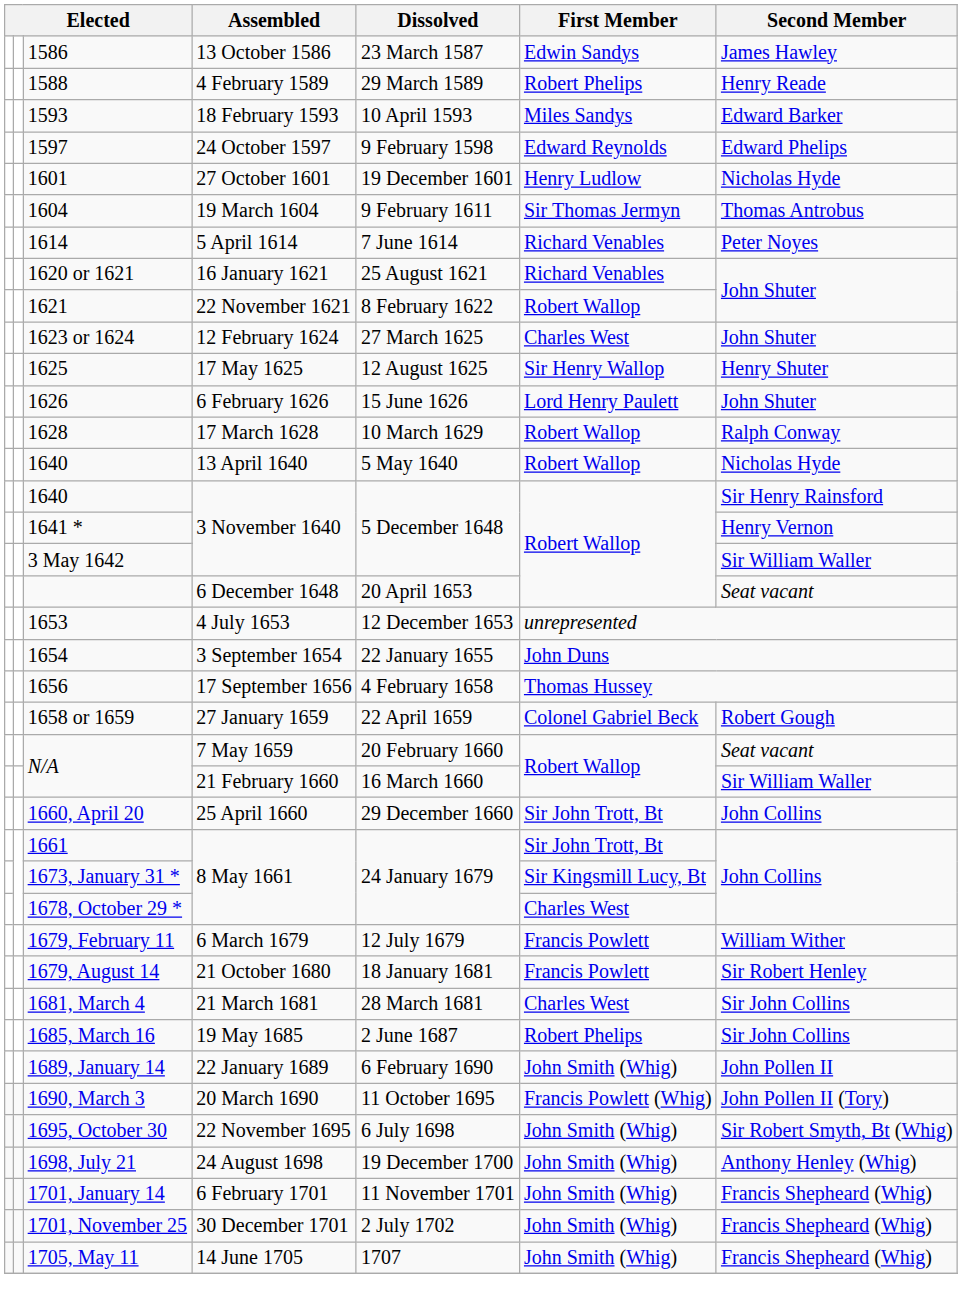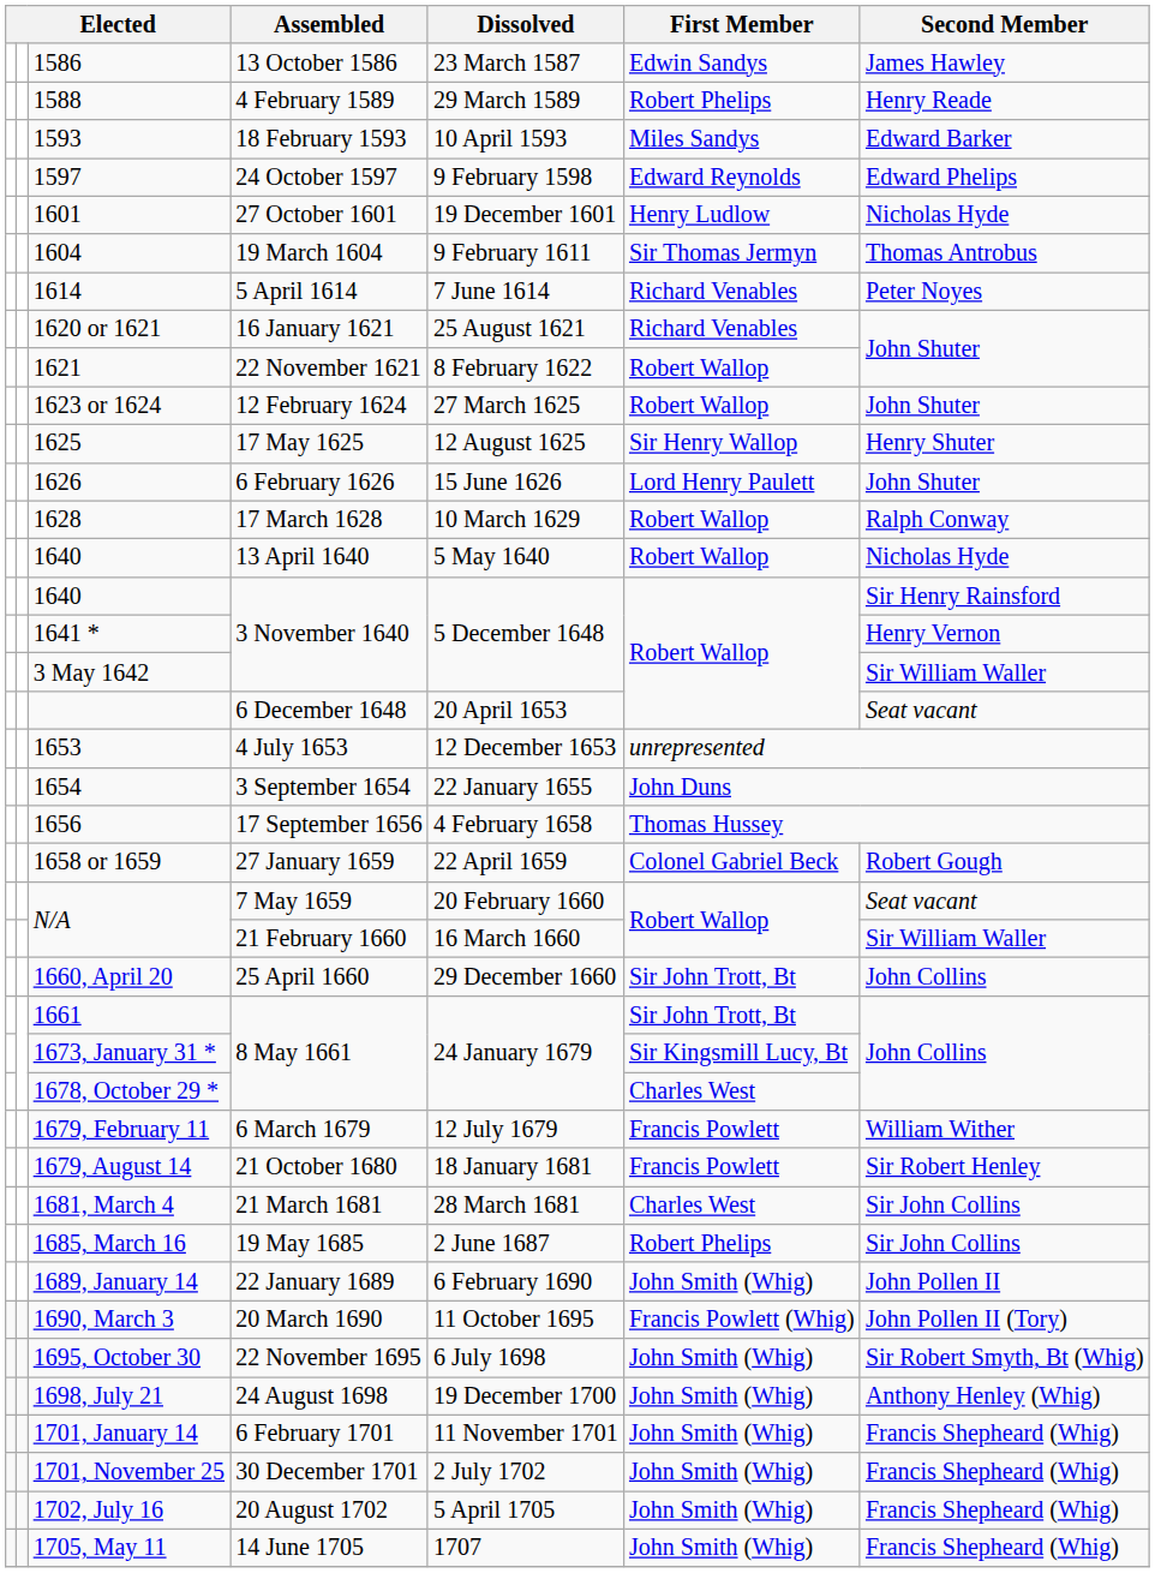 <table class="wikitable">
 <tr>
 <th colspan="3">Elected</th>
 <th>Assembled</th>
 <th>Dissolved</th>
 <th>First Member</th>
 <th>Second Member</th>
 </tr>
 <tr>
 <td style="color:inherit;background-color: white"></td>
 <td style="color:inherit;background-color: white"></td>
 <td>1586</td>
 <td>13 October 1586</td>
 <td>23 March 1587</td>
 <td><a href='#'>Edwin Sandys</a></td>
 <td><a href='#'>James Hawley</a></td>
 </tr>
 <tr>
 <td style="color:inherit;background-color: white"></td>
 <td style="color:inherit;background-color: white"></td>
 <td>1588</td>
 <td>4 February 1589</td>
 <td>29 March 1589</td>
 <td><a href='#'>Robert Phelips</a></td>
 <td><a href='#'>Henry Reade</a></td>
 </tr>
 <tr>
 <td style="color:inherit;background-color: white"></td>
 <td style="color:inherit;background-color: white"></td>
 <td>1593</td>
 <td>18 February 1593</td>
 <td>10 April 1593</td>
 <td><a href='#'>Miles Sandys</a></td>
 <td><a href='#'>Edward Barker</a></td>
 </tr>
 <tr>
 <td style="color:inherit;background-color: white"></td>
 <td style="color:inherit;background-color: white"></td>
 <td>1597</td>
 <td>24 October 1597</td>
 <td>9 February 1598</td>
 <td><a href='#'>Edward Reynolds</a></td>
 <td><a href='#'>Edward Phelips</a></td>
 </tr>
 <tr>
 <td style="color:inherit;background-color: white"></td>
 <td style="color:inherit;background-color: white"></td>
 <td>1601</td>
 <td>27 October 1601</td>
 <td>19 December 1601</td>
 <td><a href='#'>Henry Ludlow</a></td>
 <td><a href='#'>Nicholas Hyde</a></td>
 </tr>
 <tr>
 <td style="color:inherit;background-color: white"></td>
 <td style="color:inherit;background-color: white"></td>
 <td>1604</td>
 <td>19 March 1604</td>
 <td>9 February 1611</td>
 <td><a href='#'>Sir Thomas Jermyn</a></td>
 <td><a href='#'>Thomas Antrobus</a></td>
 </tr>
 <tr>
 <td style="color:inherit;background-color: white"></td>
 <td style="color:inherit;background-color: white"></td>
 <td>1614</td>
 <td>5 April 1614</td>
 <td>7 June 1614</td>
 <td><a href='#'>Richard Venables</a></td>
 <td><a href='#'>Peter Noyes</a></td>
 </tr>
 <tr>
 <td style="color:inherit;background-color: white"></td>
 <td style="color:inherit;background-color: white"></td>
 <td>1620 or 1621</td>
 <td>16 January 1621</td>
 <td>25 August 1621</td>
 <td><a href='#'>Richard Venables</a></td>
 <td rowspan= "2"><a href='#'>John Shuter</a></td>
 </tr>
 <tr>
 <td style="color:inherit;background-color: white"></td>
 <td style="color:inherit;background-color: white"></td>
 <td>1621</td>
 <td>22 November 1621</td>
 <td>8 February 1622</td>
 <td><a href='#'>Robert Wallop</a></td>
 </tr>
 <tr>
 <td style="color:inherit;background-color: white"></td>
 <td style="color:inherit;background-color: white"></td>
 <td>1623 or 1624</td>
 <td>12 February 1624</td>
 <td>27 March 1625</td>
-<td><a href='#'>Charles West</a></td>
+<td><a href='#'>Robert Wallop</a></td>
 <td><a href='#'>John Shuter</a></td>
 </tr>
 <tr>
 <td style="color:inherit;background-color: white"></td>
 <td style="color:inherit;background-color: white"></td>
 <td>1625</td>
 <td>17 May 1625</td>
 <td>12 August 1625</td>
 <td><a href='#'>Sir Henry Wallop</a></td>
 <td><a href='#'>Henry Shuter</a></td>
 </tr>
 <tr>
 <td style="color:inherit;background-color: white"></td>
 <td style="color:inherit;background-color: white"></td>
 <td>1626</td>
 <td>6 February 1626</td>
 <td>15 June 1626</td>
 <td><a href='#'>Lord Henry Paulett</a></td>
 <td><a href='#'>John Shuter</a></td>
 </tr>
 <tr>
 <td style="color:inherit;background-color: white"></td>
 <td style="color:inherit;background-color: white"></td>
 <td>1628</td>
 <td>17 March 1628</td>
 <td>10 March 1629</td>
 <td><a href='#'>Robert Wallop</a></td>
 <td><a href='#'>Ralph Conway</a></td>
 </tr>
 <tr>
 <td style="color:inherit;background-color: white"></td>
 <td style="color:inherit;background-color: white"></td>
 <td>1640</td>
 <td>13 April 1640</td>
 <td>5 May 1640</td>
 <td><a href='#'>Robert Wallop</a></td>
 <td><a href='#'>Nicholas Hyde</a></td>
 </tr>
 <tr>
 <td style="color:inherit;background-color: white"></td>
 <td style="color:inherit;background-color: white"></td>
 <td>1640</td>
 <td rowspan="3">3 November 1640</td>
 <td rowspan="3">5 December 1648</td>
 <td rowspan="4"><a href='#'>Robert Wallop</a></td>
 <td><a href='#'>Sir Henry Rainsford</a></td>
 </tr>
 <tr>
 <td style="color:inherit;background-color: white"></td>
 <td style="color:inherit;background-color: white"></td>
 <td>1641 *</td>
 <td><a href='#'>Henry Vernon</a></td>
 </tr>
 <tr>
 <td style="color:inherit;background-color: white"></td>
 <td style="color:inherit;background-color: white"></td>
 <td>3 May 1642</td>
 <td><a href='#'>Sir William Waller</a></td>
 </tr>
 <tr>
 <td style="color:inherit;background-color: white"></td>
 <td style="color:inherit;background-color: white"></td>
 <td></td>
 <td>6 December 1648</td>
 <td>20 April 1653</td>
 <td><em>Seat vacant</em></td>
 </tr>
 <tr>
 <td style="color:inherit;background-color: white"></td>
 <td style="color:inherit;background-color: white"></td>
 <td>1653</td>
 <td>4 July 1653</td>
 <td>12 December 1653</td>
 <td colspan="2"><em>unrepresented</em></td>
 </tr>
 <tr>
 <td style="color:inherit;background-color: white"></td>
 <td style="color:inherit;background-color: white"></td>
 <td>1654</td>
 <td>3 September 1654</td>
 <td>22 January 1655</td>
 <td colspan="2"><a href='#'>John Duns</a></td>
 </tr>
 <tr>
 <td style="color:inherit;background-color: white"></td>
 <td style="color:inherit;background-color: white"></td>
 <td>1656</td>
 <td>17 September 1656</td>
 <td>4 February 1658</td>
 <td colspan="2"><a href='#'>Thomas Hussey</a></td>
 </tr>
 <tr>
 <td style="color:inherit;background-color: white"></td>
 <td style="color:inherit;background-color: white"></td>
 <td>1658 or 1659</td>
 <td>27 January 1659</td>
 <td>22 April 1659</td>
 <td><a href='#'>Colonel Gabriel Beck</a></td>
 <td><a href='#'>Robert Gough</a></td>
 </tr>
 <tr>
 <td style="color:inherit;background-color: white"></td>
 <td style="color:inherit;background-color: white"></td>
 <td rowspan="2"><em>N/A</em></td>
 <td>7 May 1659</td>
 <td>20 February 1660</td>
 <td rowspan="2"><a href='#'>Robert Wallop</a></td>
 <td><em>Seat vacant</em></td>
 </tr>
 <tr>
 <td style="color:inherit;background-color: white"></td>
 <td style="color:inherit;background-color: white"></td>
 <td>21 February 1660</td>
 <td>16 March 1660</td>
 <td><a href='#'>Sir William Waller</a></td>
 </tr>
 <tr>
 <td style="color:inherit;background-color: white"></td>
 <td style="color:inherit;background-color: white"></td>
 <td><a href='#'>1660, April 20</a></td>
 <td>25 April 1660</td>
 <td>29 December 1660</td>
 <td><a href='#'>Sir John Trott, Bt</a></td>
 <td><a href='#'>John Collins</a></td>
 </tr>
 <tr>
 <td style="color:inherit;background-color: white"></td>
 <td rowspan="3" style="color:inherit;background-color: white"></td>
 <td><a href='#'>1661</a></td>
 <td rowspan="3">8 May 1661</td>
 <td rowspan="3">24 January 1679</td>
 <td><a href='#'>Sir John Trott, Bt</a></td>
 <td rowspan="3"><a href='#'>John Collins</a></td>
 </tr>
 <tr>
 <td style="color:inherit;background-color: white"></td>
 <td><a href='#'>1673, January 31 *</a></td>
 <td><a href='#'>Sir Kingsmill Lucy, Bt</a></td>
 </tr>
 <tr>
 <td style="color:inherit;background-color: white"></td>
 <td><a href='#'>1678, October 29 *</a></td>
 <td><a href='#'>Charles West</a></td>
 </tr>
 <tr>
 <td style="color:inherit;background-color: white"></td>
 <td style="color:inherit;background-color: white"></td>
 <td><a href='#'>1679, February 11</a></td>
 <td>6 March 1679</td>
 <td>12 July 1679</td>
 <td><a href='#'>Francis Powlett</a></td>
 <td><a href='#'>William Wither</a></td>
 </tr>
 <tr>
 <td style="color:inherit;background-color: white"></td>
 <td style="color:inherit;background-color: white"></td>
 <td><a href='#'>1679, August 14</a></td>
 <td>21 October 1680</td>
 <td>18 January 1681</td>
 <td><a href='#'>Francis Powlett</a></td>
 <td><a href='#'>Sir Robert Henley</a></td>
 </tr>
 <tr>
 <td style="color:inherit;background-color: white"></td>
 <td style="color:inherit;background-color: white"></td>
 <td><a href='#'>1681, March 4</a></td>
 <td>21 March 1681</td>
 <td>28 March 1681</td>
 <td><a href='#'>Charles West</a></td>
 <td><a href='#'>Sir John Collins</a></td>
 </tr>
 <tr>
 <td style="color:inherit;background-color: white"></td>
 <td style="color:inherit;background-color: white"></td>
 <td><a href='#'>1685, March 16</a></td>
 <td>19 May 1685</td>
 <td>2 June 1687</td>
 <td><a href='#'>Robert Phelips</a></td>
 <td><a href='#'>Sir John Collins</a></td>
 </tr>
 <tr>
 <td style="color:inherit;background-color: white"></td>
 <td style="color:inherit;background-color: white"></td>
 <td><a href='#'>1689, January 14</a></td>
 <td>22 January 1689</td>
 <td>6 February 1690</td>
 <td><a href='#'>John Smith</a> (<a href='#'>Whig</a>)</td>
 <td><a href='#'>John Pollen II</a></td>
 </tr>
 <tr>
 <td style="color:inherit;background-color: "></td>
 <td style="color:inherit;background-color: "></td>
 <td><a href='#'>1690, March 3</a></td>
 <td>20 March 1690</td>
 <td>11 October 1695</td>
 <td><a href='#'>Francis Powlett</a> (<a href='#'>Whig</a>)</td>
 <td><a href='#'>John Pollen II</a> (<a href='#'>Tory</a>)</td>
 </tr>
 <tr>
 <td style="color:inherit;background-color: "></td>
 <td style="color:inherit;background-color: "></td>
 <td><a href='#'>1695, October 30</a></td>
 <td>22 November 1695</td>
 <td>6 July 1698</td>
 <td><a href='#'>John Smith</a> (<a href='#'>Whig</a>)</td>
 <td><a href='#'>Sir Robert Smyth, Bt</a> (<a href='#'>Whig</a>)</td>
 </tr>
 <tr>
 <td style="color:inherit;background-color: "></td>
 <td style="color:inherit;background-color: "></td>
 <td><a href='#'>1698, July 21</a></td>
 <td>24 August 1698</td>
 <td>19 December 1700</td>
 <td><a href='#'>John Smith</a> (<a href='#'>Whig</a>)</td>
 <td><a href='#'>Anthony Henley</a> (<a href='#'>Whig</a>)</td>
 </tr>
 <tr>
 <td style="color:inherit;background-color: "></td>
 <td style="color:inherit;background-color: "></td>
 <td><a href='#'>1701, January 14</a></td>
 <td>6 February 1701</td>
 <td>11 November 1701</td>
 <td><a href='#'>John Smith</a> (<a href='#'>Whig</a>)</td>
 <td><a href='#'>Francis Shepheard</a> (<a href='#'>Whig</a>)</td>
 </tr>
 <tr>
 <td style="color:inherit;background-color: "></td>
 <td style="color:inherit;background-color: "></td>
 <td><a href='#'>1701, November 25</a></td>
 <td>30 December 1701</td>
 <td>2 July 1702</td>
 <td><a href='#'>John Smith</a> (<a href='#'>Whig</a>)</td>
 <td><a href='#'>Francis Shepheard</a> (<a href='#'>Whig</a>)</td>
 </tr>
 <tr>
 <td style="color:inherit;background-color: "></td>
 <td style="color:inherit;background-color: "></td>
+<td><a href='#'>1702, July 16</a></td>
+<td>20 August 1702</td>
+<td>5 April 1705</td>
+<td><a href='#'>John Smith</a> (<a href='#'>Whig</a>)</td>
+<td><a href='#'>Francis Shepheard</a> (<a href='#'>Whig</a>)</td>
+</tr>
+<tr>
+<td style="color:inherit;background-color: "></td>
+<td style="color:inherit;background-color: "></td>
 <td><a href='#'>1705, May 11</a></td>
 <td>14 June 1705</td>
 <td>1707</td>
 <td><a href='#'>John Smith</a> (<a href='#'>Whig</a>)</td>
 <td><a href='#'>Francis Shepheard</a> (<a href='#'>Whig</a>)</td>
 </tr>
 <tr>
 </tr>
 </table>
